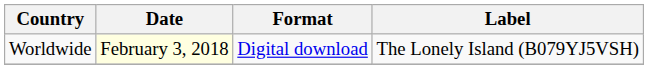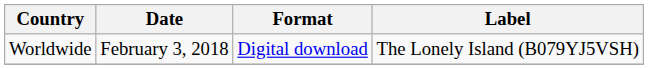 <table class="wikitable plainrowheaders">
 <tr>
 <th scope="col">Country</th>
 <th scope="col">Date</th>
 <th scope="col">Format</th>
 <th scope="col">Label</th>
 </tr>
 <tr>
 <td>Worldwide</td>
-<td rowspan="1" style="background: lightyellow;">February 3, 2018</td>
+<td rowspan="1">February 3, 2018</td>
 <td rowspan="1"><a href='#'>Digital download</a></td>
 <td rowspan="1">The Lonely Island (B079YJ5VSH)</td>
 </tr>
 <tr>
 </tr>
 </table>
